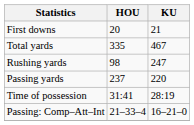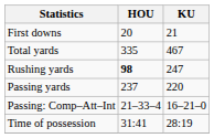 <table class="wikitable" style="float: left;">
 <tr>
 <th>Statistics</th>
 <th>HOU</th>
 <th>KU</th>
 </tr>
 <tr>
 <td>First downs</td>
 <td>20</td>
 <td>21</td>
 </tr>
 <tr>
 <td>Total yards</td>
 <td>335</td>
 <td>467</td>
 </tr>
 <tr>
 <td>Rushing yards</td>
-<td>98</td>
+<td><strong>98</strong></td>
 <td>247</td>
 </tr>
 <tr>
 <td>Passing yards</td>
 <td>237</td>
 <td>220</td>
 </tr>
 <tr>
+<td>Passing: Comp–Att–Int</td>
+<td>21–33–4</td>
+<td>16–21–0</td>
+</tr>
+<tr>
 <td>Time of possession</td>
 <td>31:41</td>
 <td>28:19</td>
 </tr>
 <tr>
-<td>Passing: Comp–Att–Int</td>
-<td>21–33–4</td>
-<td>16–21–0</td>
-</tr>
-<tr>
 </tr>
 </table>
